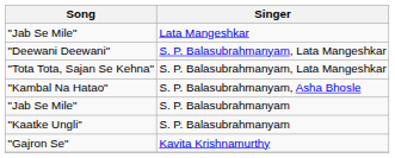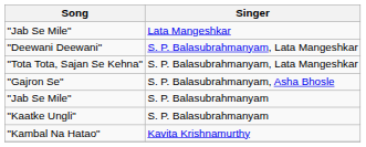 <table class="wikitable">
 <tr>
 <th>Song</th>
 <th>Singer</th>
 </tr>
 <tr>
 <td>"Jab Se Mile"</td>
 <td><a href='#'>Lata Mangeshkar</a></td>
 </tr>
 <tr>
 <td>"Deewani Deewani"</td>
 <td><a href='#'>S. P. Balasubrahmanyam</a>, Lata Mangeshkar</td>
 </tr>
 <tr>
 <td>"Tota Tota, Sajan Se Kehna"</td>
 <td>S. P. Balasubrahmanyam, Lata Mangeshkar</td>
 </tr>
 <tr>
-<td>"Kambal Na Hatao"</td>
+<td>"Gajron Se"</td>
 <td>S. P. Balasubrahmanyam, <a href='#'>Asha Bhosle</a></td>
 </tr>
 <tr>
 <td>"Jab Se Mile"</td>
 <td>S. P. Balasubrahmanyam</td>
 </tr>
 <tr>
 <td>"Kaatke Ungli"</td>
 <td>S. P. Balasubrahmanyam</td>
 </tr>
 <tr>
-<td>"Gajron Se"</td>
+<td>"Kambal Na Hatao"</td>
 <td><a href='#'>Kavita Krishnamurthy</a></td>
 </tr>
 <tr>
 </tr>
 </table>
